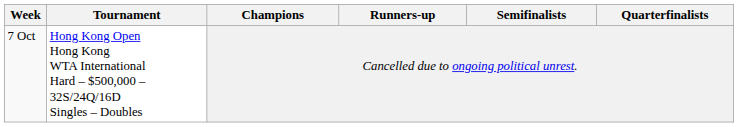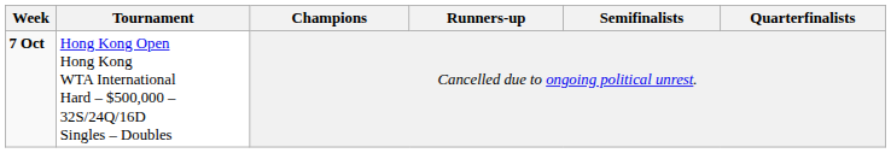 <table class=wikitable style=font-size:95%>
 <tr>
 <th style="width:48px;">Week</th>
 <th style="width:248px;">Tournament</th>
 <th style="width:200px;">Champions</th>
 <th style="width:200px;">Runners-up</th>
 <th style="width:190px;">Semifinalists</th>
 <th style="width:190px;">Quarterfinalists</th>
 </tr>
 <tr valign=top>
-<td>7 Oct</td>
+<td><strong>7 Oct</strong></td>
 <td style="background:#fff;"><a href='#'>Hong Kong Open</a><br> Hong Kong<br>WTA International<br>Hard – $500,000 – 32S/24Q/16D<br>Singles – Doubles</td>
 <td colspan="5" style="background:#f1f1f1;text-align:center;"><br><br> <em>Cancelled due to <a href='#'>ongoing political unrest</a>.</em></td>
 </tr>
 </table>
